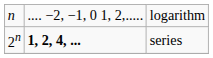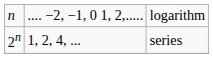 <table class="wikitable" style="margin:auto;"|->
 <tr>
 <td><em>n</em></td>
 <td>.... −2,   −1,             0     1,      2,.....</td>
 <td>logarithm</td>
 </tr>
 <tr>
 <td>2<sup><em>n</em></sup></td>
-<td><strong> 1,     2,      4, ...</strong></td>
+<td> 1,     2,      4, ...</td>
 <td>series</td>
 </tr>
 <tr>
 </tr>
 </table>
